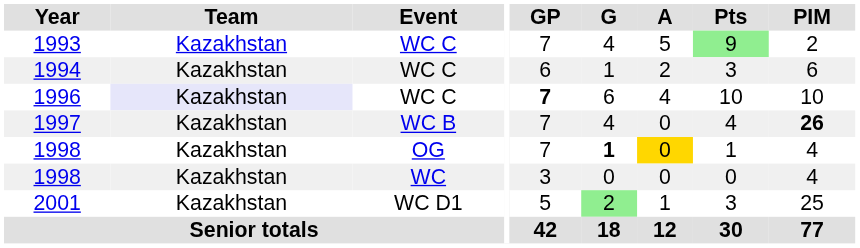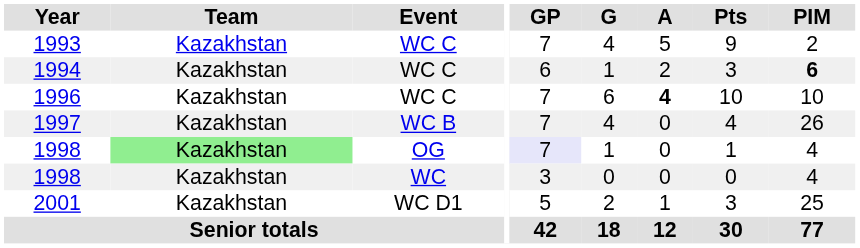 <table border="0" cellpadding="1" cellspacing="0" ID="Table3" style="text-align:center; width:40em">
 <tr bgcolor="#e0e0e0">
 <th>Year</th>
 <th>Team</th>
 <th>Event</th>
 <th rowspan="102" bgcolor="#ffffff"></th>
 <th>GP</th>
 <th>G</th>
 <th>A</th>
 <th>Pts</th>
 <th>PIM</th>
 </tr>
 <tr>
 <td><a href='#'>1993</a></td>
 <td><a href='#'>Kazakhstan</a></td>
 <td><a href='#'>WC C</a></td>
 <td>7</td>
 <td>4</td>
 <td>5</td>
-<td style="background: lightgreen;">9</td>
+<td>9</td>
 <td>2</td>
 </tr>
 <tr bgcolor="#f0f0f0">
 <td><a href='#'>1994</a></td>
 <td>Kazakhstan</td>
 <td>WC C</td>
 <td>6</td>
 <td>1</td>
 <td>2</td>
 <td>3</td>
-<td>6</td>
+<td><strong>6</strong></td>
 </tr>
 <tr>
 <td><a href='#'>1996</a></td>
-<td style="background: lavender;">Kazakhstan</td>
+<td>Kazakhstan</td>
 <td>WC C</td>
-<td><strong>7</strong></td>
+<td>7</td>
 <td>6</td>
-<td>4</td>
+<td><strong>4</strong></td>
 <td>10</td>
 <td>10</td>
 </tr>
 <tr bgcolor="#f0f0f0">
 <td><a href='#'>1997</a></td>
 <td>Kazakhstan</td>
 <td><a href='#'>WC B</a></td>
 <td>7</td>
 <td>4</td>
 <td>0</td>
 <td>4</td>
-<td><strong>26</strong></td>
+<td>26</td>
 </tr>
 <tr>
 <td><a href='#'>1998</a></td>
-<td>Kazakhstan</td>
+<td style="background: lightgreen;">Kazakhstan</td>
 <td><a href='#'>OG</a></td>
-<td>7</td>
-<td><strong>1</strong></td>
-<td style="background: gold;">0</td>
+<td style="background: lavender;">7</td>
+<td>1</td>
+<td>0</td>
 <td>1</td>
 <td>4</td>
 </tr>
 <tr bgcolor="#f0f0f0">
 <td><a href='#'>1998</a></td>
 <td>Kazakhstan</td>
 <td><a href='#'>WC</a></td>
 <td>3</td>
 <td>0</td>
 <td>0</td>
 <td>0</td>
 <td>4</td>
 </tr>
 <tr>
 <td><a href='#'>2001</a></td>
 <td>Kazakhstan</td>
 <td>WC D1</td>
 <td>5</td>
-<td style="background: lightgreen;">2</td>
+<td>2</td>
 <td>1</td>
 <td>3</td>
 <td>25</td>
 </tr>
 <tr bgcolor="#e0e0e0">
 <th colspan="3">Senior totals</th>
 <th>42</th>
 <th>18</th>
 <th>12</th>
 <th>30</th>
 <th>77</th>
 </tr>
 </table>
